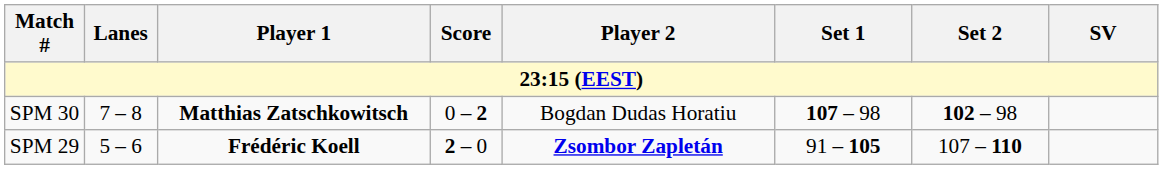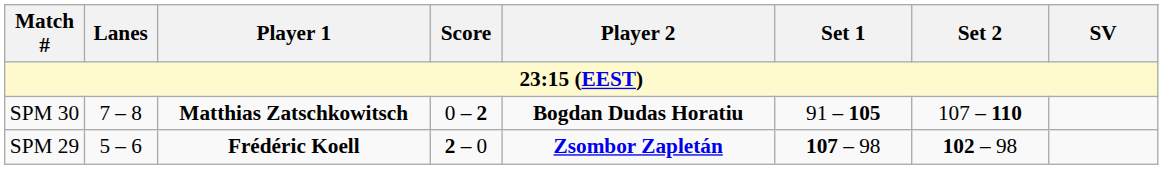 <table class="wikitable">
 <tr>
 <th width="5%">Match #</th>
 <th width="4%">Lanes</th>
 <th width="20%">Player 1</th>
 <th width="5%">Score</th>
 <th width="20%">Player 2</th>
 <th width="10%">Set 1</th>
 <th width="10%">Set 2</th>
 <th width="8%">SV</th>
 </tr>
 <tr>
 <td colspan="8" style="text-align:center; background-color:#FFFACD"><strong>23:15 (<a href='#'>EEST</a>)</strong></td>
 </tr>
 <tr style=text-align:center;"background:#;">
 <td>SPM 30</td>
 <td>7 – 8</td>
 <td> <strong>Matthias Zatschkowitsch</strong></td>
 <td>0 – <strong>2</strong></td>
-<td> Bogdan Dudas Horatiu</td>
-<td><strong>107</strong> – 98</td>
-<td><strong>102</strong> – 98</td>
+<td><strong> Bogdan Dudas Horatiu</strong></td>
+<td>91 – <strong>105</strong></td>
+<td>107 – <strong>110</strong></td>
 <td></td>
 </tr>
 <tr style=text-align:center;"background:#;">
 <td>SPM 29</td>
 <td>5 – 6</td>
 <td><strong> Frédéric Koell</strong></td>
 <td><strong>2</strong> – 0</td>
 <td> <strong><a href='#'>Zsombor Zapletán</a></strong></td>
-<td>91 – <strong>105</strong></td>
-<td>107 – <strong>110</strong></td>
+<td><strong>107</strong> – 98</td>
+<td><strong>102</strong> – 98</td>
 <td></td>
 </tr>
 </table>
